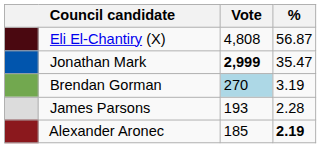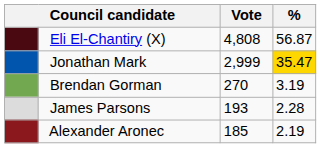 <table class="wikitable">
 <tr>
 <th width="230px" colspan="2">Council candidate</th>
 <th width="50px">Vote</th>
 <th width="30px">%</th>
 </tr>
 <tr>
 <td bgcolor=#4A0810 width="30px"> </td>
 <td>  <a href='#'>Eli El-Chantiry</a> (X)</td>
 <td>4,808</td>
 <td>56.87</td>
 </tr>
 <tr>
 <td bgcolor=#0155AD width="30px"> </td>
 <td>  Jonathan Mark</td>
-<td><strong>2,999</strong></td>
-<td>35.47</td>
+<td>2,999</td>
+<td style="background: gold;">35.47</td>
 </tr>
 <tr>
 <td bgcolor=#72A84F width="30px"> </td>
 <td>  Brendan Gorman</td>
-<td style="background: lightblue;">270</td>
+<td>270</td>
 <td>3.19</td>
 </tr>
 <tr>
 <td bgcolor=#DCDCDC width="30px"> </td>
 <td>  James Parsons</td>
 <td>193</td>
 <td>2.28</td>
 </tr>
 <tr>
 <td bgcolor=#8B181D width="30px"> </td>
 <td>  Alexander Aronec</td>
 <td>185</td>
-<td><strong>2.19</strong></td>
+<td>2.19</td>
 </tr>
 </table>
